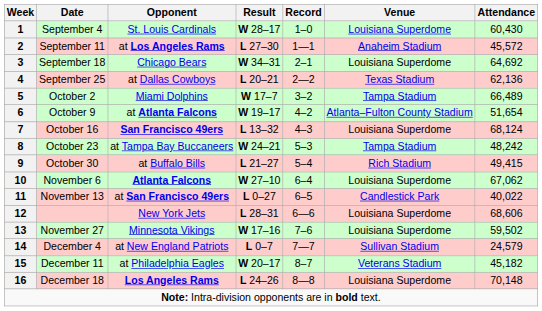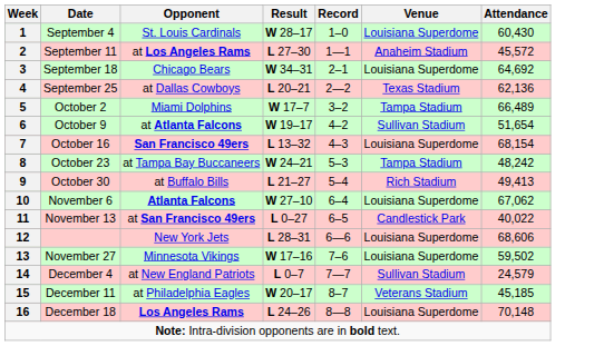 <table class="wikitable"  style="text-align: center;">
 <tr>
 <th>Week</th>
 <th>Date</th>
 <th>Opponent</th>
 <th>Result</th>
 <th>Record</th>
 <th>Venue</th>
 <th>Attendance</th>
 </tr>
 <tr style="background:#cfc">
 <th>1</th>
 <td>September 4</td>
 <td><a href='#'>St. Louis Cardinals</a></td>
 <td><strong>W</strong> 28–17</td>
 <td>1–0</td>
 <td><a href='#'>Louisiana Superdome</a></td>
 <td>60,430</td>
 </tr>
 <tr style="background:#fcc">
 <th>2</th>
 <td>September 11</td>
 <td>at <strong><a href='#'>Los Angeles Rams</a></strong></td>
 <td><strong>L</strong> 27–30</td>
 <td>1—1</td>
 <td><a href='#'>Anaheim Stadium</a></td>
 <td>45,572</td>
 </tr>
 <tr style="background:#cfc">
 <th>3</th>
 <td>September 18</td>
 <td><a href='#'>Chicago Bears</a></td>
 <td><strong>W</strong> 34–31 </td>
 <td>2–1</td>
 <td>Louisiana Superdome</td>
 <td>64,692</td>
 </tr>
 <tr style="background:#fcc">
 <th>4</th>
 <td>September 25</td>
 <td>at <a href='#'>Dallas Cowboys</a></td>
 <td><strong>L</strong> 20–21</td>
 <td>2—2</td>
 <td><a href='#'>Texas Stadium</a></td>
 <td>62,136</td>
 </tr>
 <tr style="background:#cfc">
 <th>5</th>
 <td>October 2</td>
 <td><a href='#'>Miami Dolphins</a></td>
 <td><strong>W</strong> 17–7</td>
 <td>3–2</td>
 <td><a href='#'>Tampa Stadium</a></td>
 <td>66,489</td>
 </tr>
 <tr style="background:#cfc">
 <th>6</th>
 <td>October 9</td>
 <td>at <strong><a href='#'>Atlanta Falcons</a></strong></td>
 <td><strong>W</strong> 19–17</td>
 <td>4–2</td>
-<td><a href='#'>Atlanta–Fulton County Stadium</a></td>
+<td><a href='#'>Sullivan Stadium</a></td>
 <td>51,654</td>
 </tr>
 <tr style="background:#fcc">
 <th>7</th>
 <td>October 16</td>
 <td><strong><a href='#'>San Francisco 49ers</a></strong></td>
 <td><strong>L</strong> 13–32</td>
 <td>4–3</td>
 <td>Louisiana Superdome</td>
-<td>68,124</td>
+<td>68,154</td>
 </tr>
 <tr style="background:#cfc">
 <th>8</th>
 <td>October 23</td>
 <td>at <a href='#'>Tampa Bay Buccaneers</a></td>
 <td><strong>W</strong> 24–21</td>
 <td>5–3</td>
 <td><a href='#'>Tampa Stadium</a></td>
 <td>48,242</td>
 </tr>
 <tr style="background:#fcc">
 <th>9</th>
 <td>October 30</td>
 <td>at <a href='#'>Buffalo Bills</a></td>
 <td><strong>L</strong> 21–27</td>
 <td>5–4</td>
 <td><a href='#'>Rich Stadium</a></td>
-<td>49,415</td>
+<td>49,413</td>
 </tr>
 <tr style="background:#cfc">
 <th>10</th>
 <td>November 6</td>
 <td><strong><a href='#'>Atlanta Falcons</a></strong></td>
 <td><strong>W</strong> 27–10</td>
 <td>6–4</td>
 <td>Louisiana Superdome</td>
 <td>67,062</td>
 </tr>
 <tr style="background:#fcc">
 <th>11</th>
 <td>November 13</td>
 <td>at <strong><a href='#'>San Francisco 49ers</a></strong></td>
 <td><strong>L</strong> 0–27</td>
 <td>6–5</td>
 <td><a href='#'>Candlestick Park</a></td>
 <td>40,022</td>
 </tr>
 <tr style="background:#fcc">
 <th>12</th>
 <td></td>
 <td><a href='#'>New York Jets</a></td>
 <td><strong>L</strong> 28–31</td>
 <td>6—6</td>
 <td>Louisiana Superdome</td>
 <td>68,606</td>
 </tr>
 <tr style="background:#cfc">
 <th>13</th>
 <td>November 27</td>
 <td><a href='#'>Minnesota Vikings</a></td>
 <td><strong>W</strong> 17–16</td>
 <td>7–6</td>
 <td>Louisiana Superdome</td>
 <td>59,502</td>
 </tr>
 <tr style="background:#fcc">
 <th>14</th>
 <td>December 4</td>
 <td>at <a href='#'>New England Patriots</a></td>
 <td><strong>L</strong> 0–7</td>
 <td>7—7</td>
 <td><a href='#'>Sullivan Stadium</a></td>
 <td>24,579</td>
 </tr>
 <tr style="background:#cfc">
 <th>15</th>
 <td>December 11</td>
 <td>at <a href='#'>Philadelphia Eagles</a></td>
 <td><strong>W</strong> 20–17 </td>
 <td>8–7</td>
 <td><a href='#'>Veterans Stadium</a></td>
-<td>45,182</td>
+<td>45,185</td>
 </tr>
 <tr style="background:#fcc">
 <th>16</th>
 <td>December 18</td>
 <td><strong><a href='#'>Los Angeles Rams</a></strong></td>
 <td><strong>L</strong> 24–26</td>
 <td>8—8</td>
 <td>Louisiana Superdome</td>
 <td>70,148</td>
 </tr>
 <tr>
 <td colspan="7"><strong>Note:</strong> Intra-division opponents are in <strong>bold</strong> text.</td>
 </tr>
 </table>
